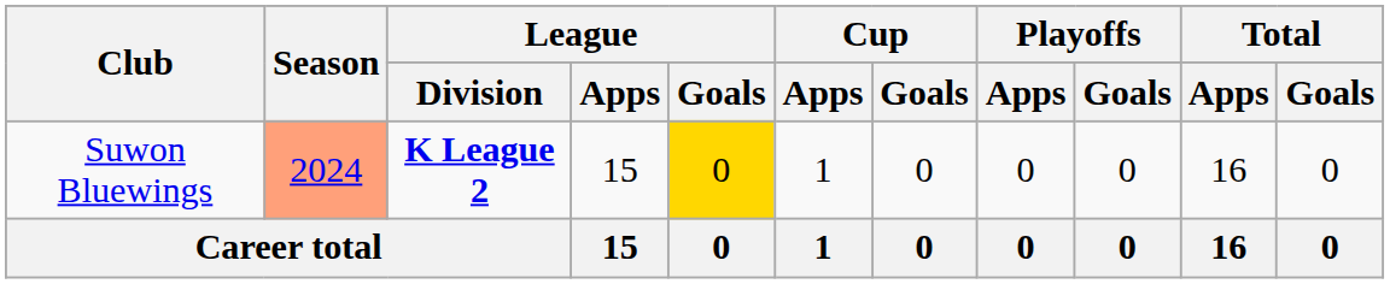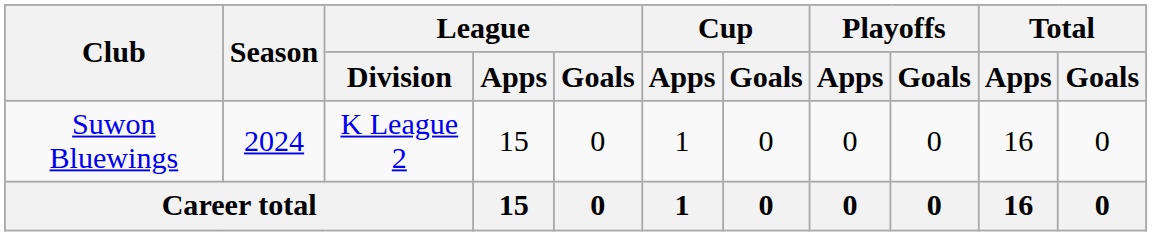 <table class="wikitable" style="text-align:center">
 <tr>
 <th rowspan=2>Club</th>
 <th rowspan=2>Season</th>
 <th colspan=3>League</th>
 <th colspan=2>Cup</th>
 <th colspan=2>Playoffs</th>
 <th colspan=2>Total</th>
 </tr>
 <tr>
 <th>Division</th>
 <th>Apps</th>
 <th>Goals</th>
 <th>Apps</th>
 <th>Goals</th>
 <th>Apps</th>
 <th>Goals</th>
 <th>Apps</th>
 <th>Goals</th>
 </tr>
 <tr>
 <td><a href='#'>Suwon Bluewings</a></td>
-<td style="background: lightsalmon;"><a href='#'>2024</a></td>
-<td><strong><a href='#'>K League 2</a></strong></td>
+<td><a href='#'>2024</a></td>
+<td><a href='#'>K League 2</a></td>
 <td>15</td>
-<td style="background: gold;">0</td>
+<td>0</td>
 <td>1</td>
 <td>0</td>
 <td>0</td>
 <td>0</td>
 <td>16</td>
 <td>0</td>
 </tr>
 <tr>
 <th colspan=3>Career total</th>
 <th>15</th>
 <th>0</th>
 <th>1</th>
 <th>0</th>
 <th>0</th>
 <th>0</th>
 <th>16</th>
 <th>0</th>
 </tr>
 </table>
